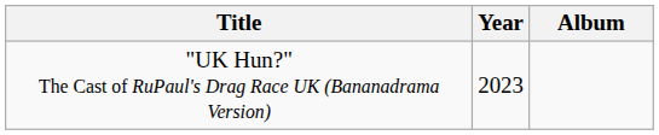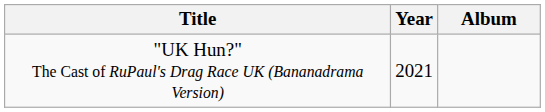 <table class="wikitable plainrowheaders" style="text-align:center;">
 <tr>
 <th style="width:20em;">Title</th>
 <th style="width:1em;">Year</th>
 <th style="width:5em;">Album</th>
 </tr>
 <tr>
 <td>"UK Hun?"<br><small>The Cast of <em>RuPaul's Drag Race UK (Bananadrama Version)</em></small></td>
-<td>2023</td>
+<td>2021</td>
 <td></td>
 </tr>
 </table>
